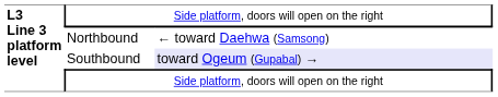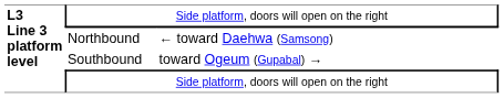 <table table border=0 cellspacing=0 cellpadding=3>
 <tr>
 <td style="border-top:solid 1px gray;border-bottom:solid 1px gray;" width=50 rowspan=10 valign=top><strong>L3<br>Line 3 platform level</strong></td>
 <td style="border-top:solid 1px gray;border-right:solid 2px black;border-left:solid 2px black;border-bottom:solid 2px black;text-align:center;" colspan=2><small><a href='#'>Side platform</a>, doors will open on the right </small></td>
 </tr>
 <tr>
 <td style="border-bottom:solid 0px gray;border-top:solid 1px gray;" width=100>Northbound</td>
 <td style="border-bottom:solid 0px gray;border-top:solid 1px gray;" width=390>←  toward <a href='#'>Daehwa</a> <small>(<a href='#'>Samsong</a>)</small></td>
 </tr>
 <tr>
 <td>Southbound</td>
-<td style="background: lavender;">  toward <a href='#'>Ogeum</a> <small>(<a href='#'>Gupabal</a>)</small> →</td>
+<td>  toward <a href='#'>Ogeum</a> <small>(<a href='#'>Gupabal</a>)</small> →</td>
 </tr>
 <tr>
 <td style="border-top:solid 2px black;border-right:solid 2px black;border-left:solid 2px black;border-bottom:solid 1px gray;text-align:center;" colspan=2><small><a href='#'>Side platform</a>, doors will open on the right </small></td>
 </tr>
 </table>
